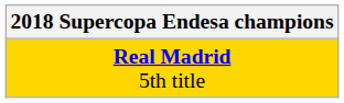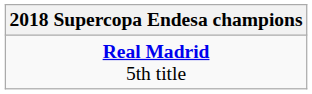 <table class=wikitable style="text-align:center; margin:auto">
 <tr>
 <th>2018 Supercopa Endesa champions</th>
 </tr>
 <tr>
-<td style="background: gold;"><strong><a href='#'>Real Madrid</a></strong><br>5th title</td>
+<td><strong><a href='#'>Real Madrid</a></strong><br>5th title</td>
 </tr>
 </table>
